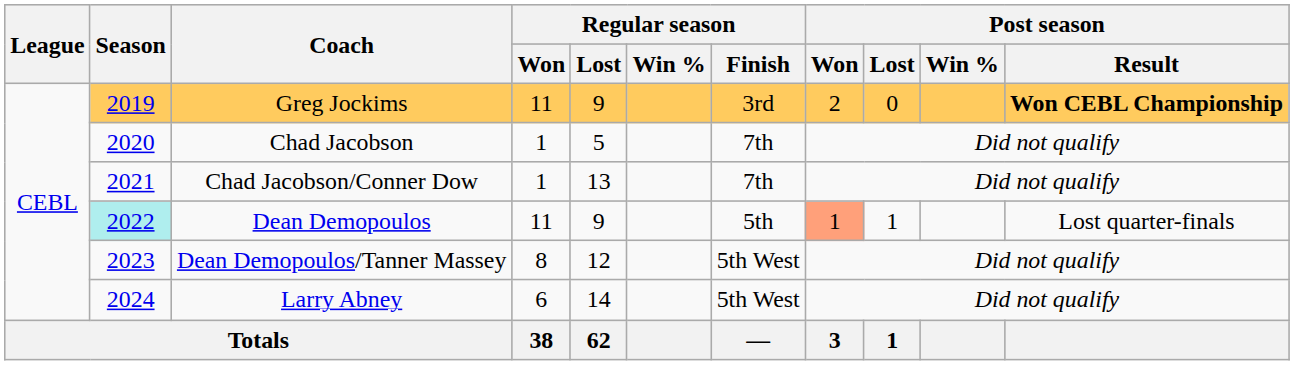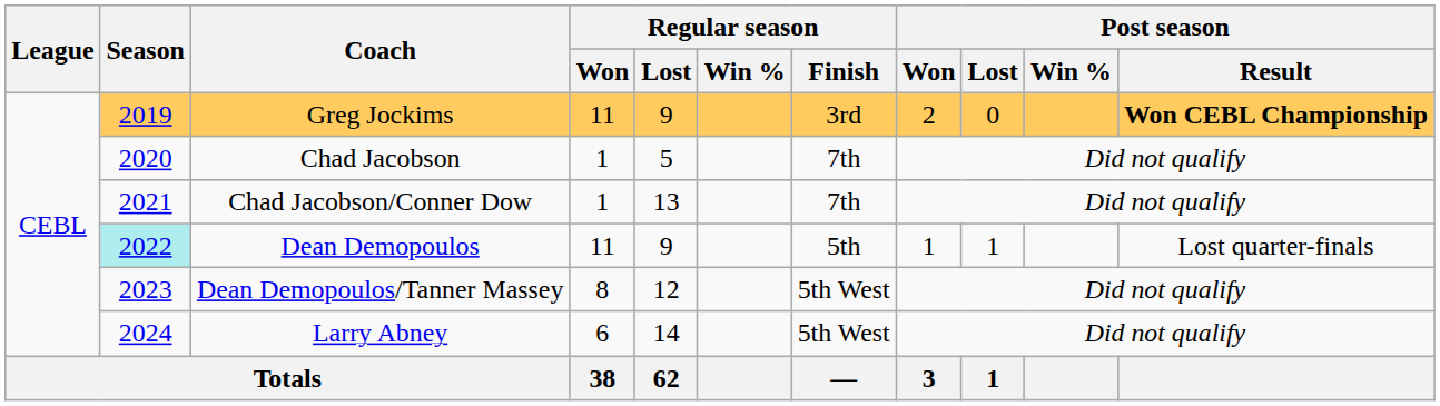 <table class="wikitable" style="font-size: 95%; text-align:center;">
 <tr>
 <th rowspan=2>League</th>
 <th rowspan="2">Season</th>
 <th rowspan="2">Coach</th>
 <th colspan="4">Regular season</th>
 <th colspan="4">Post season</th>
 </tr>
 <tr>
 <th>Won</th>
 <th>Lost</th>
 <th>Win %</th>
 <th>Finish</th>
 <th>Won</th>
 <th>Lost</th>
 <th>Win %</th>
 <th>Result</th>
 </tr>
 <tr>
 <td rowspan="6"><a href='#'>CEBL</a></td>
 <td style="background-color:#FFCB5E"><a href='#'>2019</a></td>
 <td style="background-color:#FFCB5E">Greg Jockims</td>
 <td style="background-color:#FFCB5E">11</td>
 <td style="background-color:#FFCB5E">9</td>
 <td style="background-color:#FFCB5E"></td>
 <td style="background-color:#FFCB5E">3rd</td>
 <td style="background-color:#FFCB5E">2</td>
 <td style="background-color:#FFCB5E">0</td>
 <td style="background-color:#FFCB5E"></td>
 <td style="background-color:#FFCB5E"><strong>Won CEBL Championship</strong></td>
 </tr>
 <tr>
 <td><a href='#'>2020</a></td>
 <td>Chad Jacobson</td>
 <td>1</td>
 <td>5</td>
 <td></td>
 <td>7th</td>
 <td colspan=4><em>Did not qualify</em></td>
 </tr>
 <tr>
 <td><a href='#'>2021</a></td>
 <td>Chad Jacobson/Conner Dow</td>
 <td>1</td>
 <td>13</td>
 <td></td>
 <td>7th</td>
 <td colspan=4><em>Did not qualify</em></td>
 </tr>
 <tr>
 <td style="background: paleturquoise;"><a href='#'>2022</a></td>
 <td><a href='#'>Dean Demopoulos</a></td>
 <td>11</td>
 <td>9</td>
 <td></td>
 <td>5th</td>
-<td style="background: lightsalmon;">1</td>
+<td>1</td>
 <td>1</td>
 <td></td>
 <td>Lost quarter-finals</td>
 </tr>
 <tr>
 <td><a href='#'>2023</a></td>
 <td><a href='#'>Dean Demopoulos</a>/Tanner Massey</td>
 <td>8</td>
 <td>12</td>
 <td></td>
 <td>5th West</td>
 <td colspan=4><em>Did not qualify</em></td>
 </tr>
 <tr>
 <td><a href='#'>2024</a></td>
 <td><a href='#'>Larry Abney</a></td>
 <td>6</td>
 <td>14</td>
 <td></td>
 <td>5th West</td>
 <td colspan=4><em>Did not qualify</em></td>
 </tr>
 <tr>
 <th colspan="3">Totals</th>
 <th>38</th>
 <th>62</th>
 <th></th>
 <th>—</th>
 <th>3</th>
 <th>1</th>
 <th></th>
 <th></th>
 </tr>
 </table>
